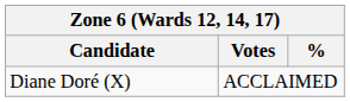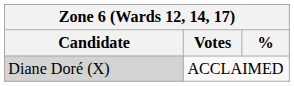 <table class="wikitable">
 <tr>
 <th colspan="3">Zone 6 (Wards 12, 14, 17)</th>
 </tr>
 <tr>
 <th style="width: 170px">Candidate</th>
 <th style="width: 50px">Votes</th>
 <th style="width: 40px">%</th>
 </tr>
 <tr>
-<td>Diane Doré (X)</td>
+<td style="background: lightgrey;">Diane Doré (X)</td>
 <td colspan="2">ACCLAIMED</td>
 </tr>
 </table>
